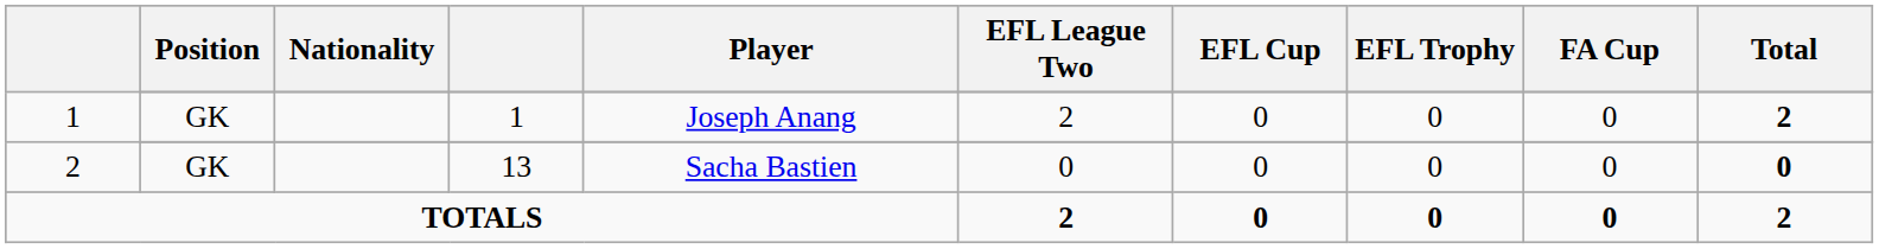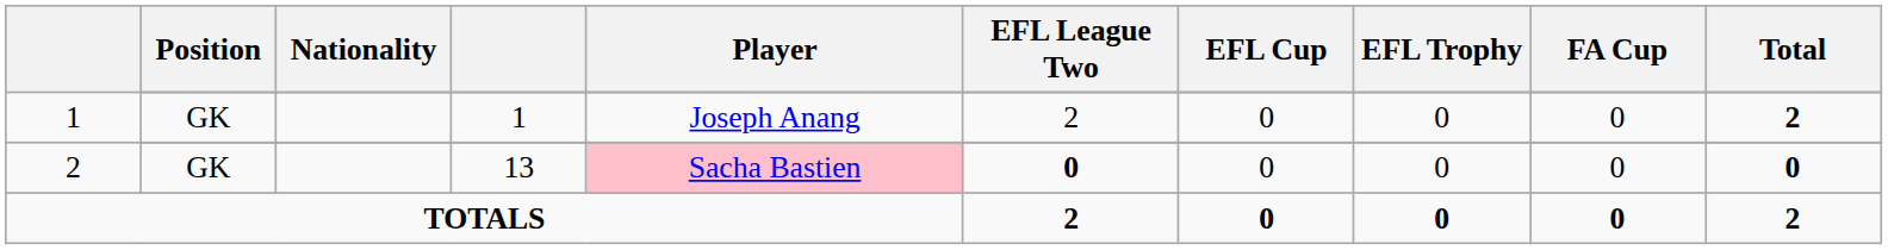 <table class="wikitable" style="font-size: 95%; text-align: center;">
 <tr>
 <th width=60></th>
 <th width=60>Position</th>
 <th width=80>Nationality</th>
 <th width=60></th>
 <th width=180>Player</th>
 <th width=100>EFL League Two</th>
 <th width=80>EFL Cup</th>
 <th width=80>EFL Trophy</th>
 <th width=80>FA Cup</th>
 <th width=80>Total</th>
 </tr>
 <tr>
 <td rowspan="2">1</td>
 </tr>
 <tr>
 <td>GK</td>
 <td></td>
 <td>1</td>
 <td><a href='#'>Joseph Anang</a></td>
 <td>2</td>
 <td>0</td>
 <td>0</td>
 <td>0</td>
 <td><strong>2</strong></td>
 </tr>
 <tr>
 <td rowspan="2">2</td>
 </tr>
 <tr>
 <td>GK</td>
 <td></td>
 <td>13</td>
-<td><a href='#'>Sacha Bastien</a></td>
-<td>0</td>
+<td style="background: pink;"><a href='#'>Sacha Bastien</a></td>
+<td><strong>0</strong></td>
 <td>0</td>
 <td>0</td>
 <td>0</td>
 <td><strong>0</strong></td>
 </tr>
 <tr>
 <td colspan=5><strong>TOTALS</strong></td>
 <td><strong>2</strong></td>
 <td><strong>0</strong></td>
 <td><strong>0</strong></td>
 <td><strong>0</strong></td>
 <td><strong>2</strong></td>
 </tr>
 </table>
